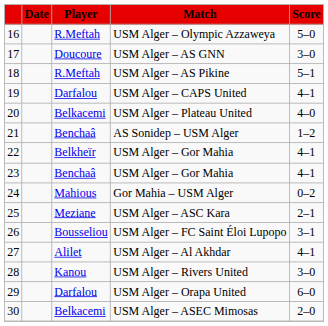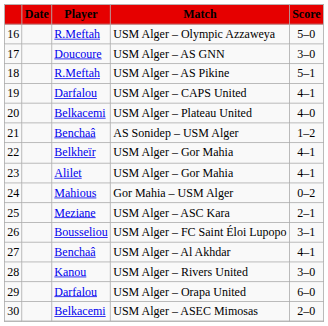 <table border="0" class="wikitable" style="text-align:center;font-size:95%">
 <tr>
 <th style="color:#000000; background:#E60000;"></th>
 <th style="color:#000000; background:#E60000;">Date</th>
 <th style="color:#000000; background:#E60000;">Player</th>
 <th style="color:#000000; background:#E60000;">Match</th>
 <th width="35" style="color:#000000; background:#E60000;">Score</th>
 </tr>
 <tr>
 <td align=left>16</td>
 <td align=left></td>
 <td align=left><a href='#'>R.Meftah</a></td>
 <td align=left>USM Alger – Olympic Azzaweya</td>
 <td align=center>5–0</td>
 </tr>
 <tr>
 <td align=left>17</td>
 <td align=left></td>
 <td align=left><a href='#'>Doucoure</a></td>
 <td align=left>USM Alger – AS GNN</td>
 <td align=center>3–0</td>
 </tr>
 <tr>
 <td align=left>18</td>
 <td align=left></td>
 <td align=left><a href='#'>R.Meftah</a></td>
 <td align=left>USM Alger – AS Pikine</td>
 <td align=center>5–1</td>
 </tr>
 <tr>
 <td align=left>19</td>
 <td align=left></td>
 <td align=left><a href='#'>Darfalou</a></td>
 <td align=left>USM Alger – CAPS United</td>
 <td align=center>4–1</td>
 </tr>
 <tr>
 <td align=left>20</td>
 <td align=left></td>
 <td align=left><a href='#'>Belkacemi</a></td>
 <td align=left>USM Alger – Plateau United</td>
 <td align=center>4–0</td>
 </tr>
 <tr>
 <td align=left>21</td>
 <td align=left></td>
 <td align=left><a href='#'>Benchaâ</a></td>
 <td align=left>AS Sonidep – USM Alger</td>
 <td align=center>1–2</td>
 </tr>
 <tr>
 <td align=left>22</td>
 <td align=left></td>
 <td align=left><a href='#'>Belkheïr</a></td>
 <td align=left>USM Alger – Gor Mahia</td>
 <td align=center>4–1</td>
 </tr>
 <tr>
 <td align=left>23</td>
 <td align=left></td>
-<td align=left><a href='#'>Benchaâ</a></td>
+<td align=left><a href='#'>Alilet</a></td>
 <td align=left>USM Alger – Gor Mahia</td>
 <td align=center>4–1</td>
 </tr>
 <tr>
 <td align=left>24</td>
 <td align=left></td>
 <td align=left><a href='#'>Mahious</a></td>
 <td align=left>Gor Mahia – USM Alger</td>
 <td align=center>0–2</td>
 </tr>
 <tr>
 <td align=left>25</td>
 <td align=left></td>
 <td align=left><a href='#'>Meziane</a></td>
 <td align=left>USM Alger – ASC Kara</td>
 <td align=center>2–1</td>
 </tr>
 <tr>
 <td align=left>26</td>
 <td align=left></td>
 <td align=left><a href='#'>Bousseliou</a></td>
 <td align=left>USM Alger – FC Saint Éloi Lupopo</td>
 <td align=center>3–1</td>
 </tr>
 <tr>
 <td align=left>27</td>
 <td align=left></td>
-<td align=left><a href='#'>Alilet</a></td>
+<td align=left><a href='#'>Benchaâ</a></td>
 <td align=left>USM Alger – Al Akhdar</td>
 <td align=center>4–1</td>
 </tr>
 <tr>
 <td align=left>28</td>
 <td align=left></td>
 <td align=left><a href='#'>Kanou</a></td>
 <td align=left>USM Alger – Rivers United</td>
 <td align=center>3–0</td>
 </tr>
 <tr>
 <td align=left>29</td>
 <td align=left></td>
 <td align=left><a href='#'>Darfalou</a></td>
 <td align=left>USM Alger – Orapa United</td>
 <td align=center>6–0</td>
 </tr>
 <tr>
 <td align=left>30</td>
 <td align=left></td>
 <td align=left><a href='#'>Belkacemi</a></td>
 <td align=left>USM Alger – ASEC Mimosas</td>
 <td align=center>2–0</td>
 </tr>
 <tr>
 </tr>
 </table>
